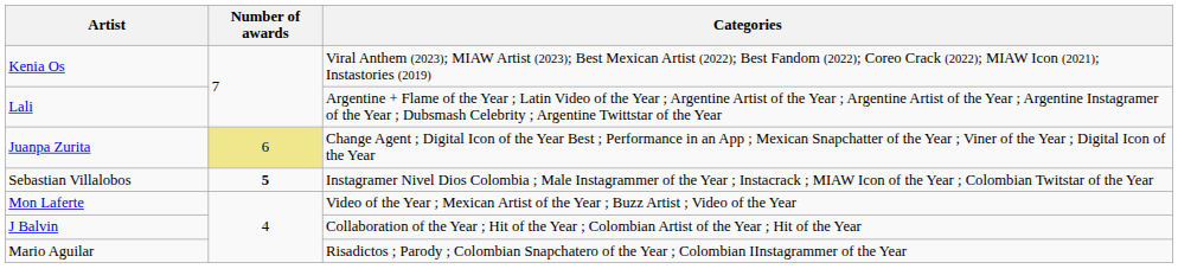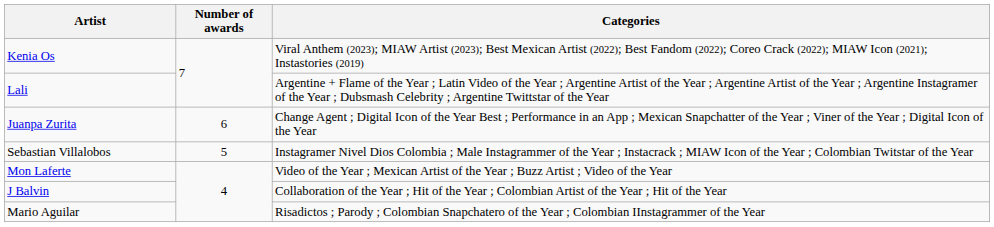 <table class="wikitable">
 <tr>
 <th style="width:16%;">Artist</th>
 <th style="width:9%;">Number of awards</th>
 <th style="width:67%;">Categories</th>
 </tr>
 <tr>
 <td><a href='#'>Kenia Os</a></td>
 <td rowspan="2">7</td>
 <td>Viral Anthem <small>(2023)</small>; MIAW Artist <small>(2023)</small>; Best Mexican Artist <small>(2022)</small>; Best Fandom <small>(2022)</small>; Coreo Crack <small>(2022)</small>; MIAW Icon <small>(2021)</small>; Instastories <small>(2019)</small></td>
 </tr>
 <tr>
 <td><a href='#'>Lali</a></td>
 <td>Argentine + Flame of the Year ; Latin Video of the Year ; Argentine Artist of the Year ; Argentine Artist of the Year ; Argentine Instagramer of the Year ; Dubsmash Celebrity ; Argentine Twittstar of the Year </td>
 </tr>
 <tr>
 <td><a href='#'>Juanpa Zurita</a></td>
-<td align="center" rowspan="1" style="background: khaki;">6</td>
+<td align="center" rowspan="1">6</td>
 <td>Change Agent ; Digital Icon of the Year Best ; Performance in an App ; Mexican Snapchatter of the Year ; Viner of the Year ; Digital Icon of the Year </td>
 </tr>
 <tr>
 <td>Sebastian Villalobos</td>
-<td align="center" rowspan="1"><strong>5</strong></td>
+<td align="center" rowspan="1">5</td>
 <td>Instagramer Nivel Dios Colombia ; Male Instagrammer of the Year ; Instacrack ; MIAW Icon of the Year ; Colombian Twitstar of the Year  </td>
 </tr>
 <tr>
 <td><a href='#'>Mon Laferte</a></td>
 <td align="center" rowspan="3">4</td>
 <td>Video of the Year ; Mexican Artist of the Year ; Buzz Artist ; Video of the Year </td>
 </tr>
 <tr>
 <td><a href='#'>J Balvin</a></td>
 <td>Collaboration of the Year ; Hit of the Year ; Colombian Artist of the Year ; Hit of the Year </td>
 </tr>
 <tr>
 <td>Mario Aguilar</td>
 <td>Risadictos ; Parody ; Colombian Snapchatero of the Year  ; Colombian IInstagrammer of the Year </td>
 </tr>
 </table>
